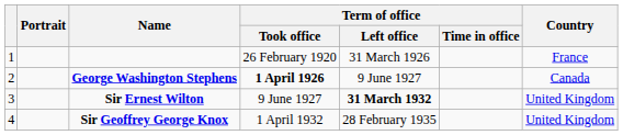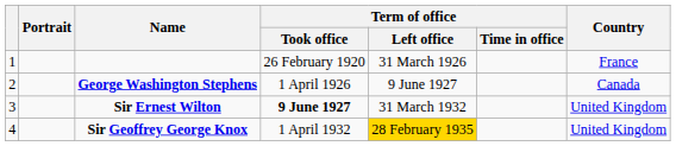 <table class="wikitable" style="text-align:center">
 <tr>
 <th rowspan=2></th>
 <th rowspan=2>Portrait</th>
 <th rowspan=2>Name<br></th>
 <th colspan=3>Term of office</th>
 <th rowspan=2>Country</th>
 </tr>
 <tr>
 <th>Took office</th>
 <th>Left office</th>
 <th>Time in office</th>
 </tr>
 <tr>
 <td>1</td>
 <td></td>
 <td><strong></strong><br></td>
 <td>26 February 1920</td>
 <td>31 March 1926</td>
 <td></td>
 <td><a href='#'>France</a></td>
 </tr>
 <tr>
 <td>2</td>
 <td></td>
 <td><strong><a href='#'>George Washington Stephens</a></strong><br></td>
-<td><strong>1 April 1926</strong></td>
+<td>1 April 1926</td>
 <td>9 June 1927</td>
 <td></td>
 <td><a href='#'>Canada</a></td>
 </tr>
 <tr>
 <td>3</td>
 <td></td>
 <td><strong>Sir <a href='#'>Ernest Wilton</a></strong><br></td>
-<td>9 June 1927</td>
-<td><strong>31 March 1932</strong></td>
+<td><strong>9 June 1927</strong></td>
+<td>31 March 1932</td>
 <td></td>
 <td><a href='#'>United Kingdom</a></td>
 </tr>
 <tr>
 <td>4</td>
 <td></td>
 <td><strong>Sir <a href='#'>Geoffrey George Knox</a></strong><br></td>
 <td>1 April 1932</td>
-<td>28 February 1935</td>
+<td style="background: gold;">28 February 1935</td>
 <td></td>
 <td><a href='#'>United Kingdom</a></td>
 </tr>
 </table>
